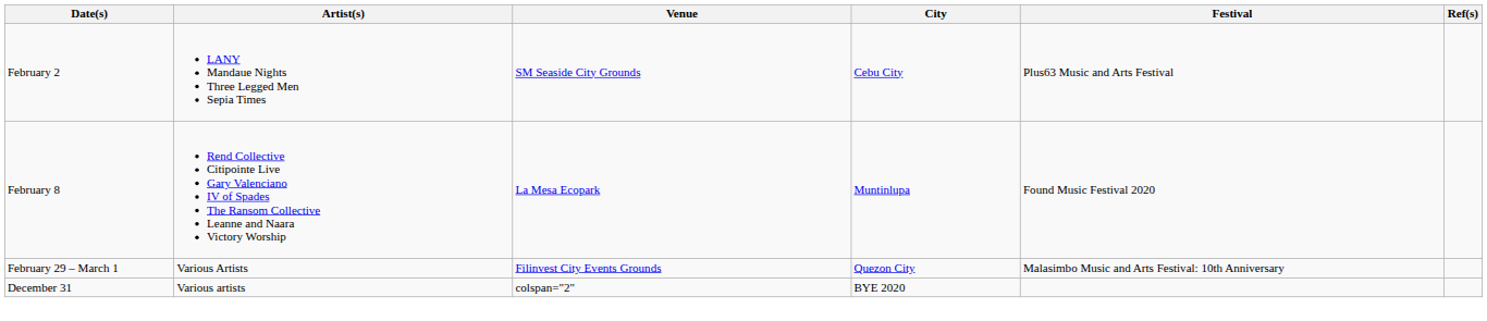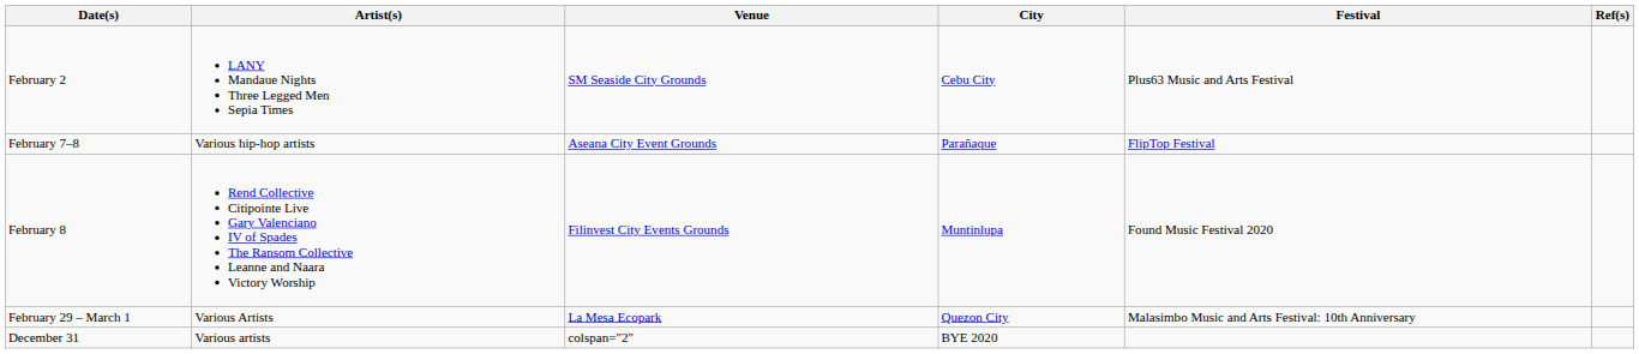 <table class="wikitable sortable" style="font-size: 100%; width=100%;" style="text-align:center;">
 <tr>
 <th class="unsortable" style="width: 10%;" scope="col">Date(s)</th>
 <th class="unsortable" style="width: 20%;" scope="col">Artist(s)</th>
 <th style="width: 20%;" scope="col">Venue</th>
 <th style="width: 10%;" scope="col">City</th>
 <th style="width: 25%;" scope="col">Festival</th>
 <th style="width: 1%;" scope="col">Ref(s)</th>
 </tr>
 <tr>
 <td>February 2</td>
 <td><br><ul><li><a href='#'>LANY</a></li><li>Mandaue Nights</li><li>Three Legged Men</li><li>Sepia Times</li></ul></td>
 <td><a href='#'>SM Seaside City Grounds</a></td>
 <td><a href='#'>Cebu City</a></td>
 <td>Plus63 Music and Arts Festival</td>
 <td></td>
 </tr>
 <tr>
+<td>February 7–8</td>
+<td>Various hip-hop artists</td>
+<td><a href='#'>Aseana City Event Grounds</a></td>
+<td><a href='#'>Parañaque</a></td>
+<td><a href='#'>FlipTop Festival</a></td>
+<td></td>
+</tr>
+<tr>
 <td>February 8</td>
 <td><br><ul><li><a href='#'>Rend Collective</a></li><li>Citipointe Live</li><li><a href='#'>Gary Valenciano</a></li><li><a href='#'>IV of Spades</a></li><li><a href='#'>The Ransom Collective</a></li><li>Leanne and Naara</li><li>Victory Worship</li></ul></td>
-<td><a href='#'>La Mesa Ecopark</a></td>
+<td><a href='#'>Filinvest City Events Grounds</a></td>
 <td><a href='#'>Muntinlupa</a></td>
 <td>Found Music Festival 2020</td>
 <td></td>
 </tr>
 <tr>
 <td>February 29 – March 1</td>
 <td>Various Artists</td>
-<td><a href='#'>Filinvest City Events Grounds</a></td>
+<td><a href='#'>La Mesa Ecopark</a></td>
 <td><a href='#'>Quezon City</a></td>
 <td>Malasimbo Music and Arts Festival: 10th Anniversary</td>
 <td></td>
 </tr>
 <tr>
 <td>December 31</td>
 <td>Various artists</td>
 <td>colspan="2" </td>
 <td>BYE 2020</td>
 <td></td>
 </tr>
 </table>
